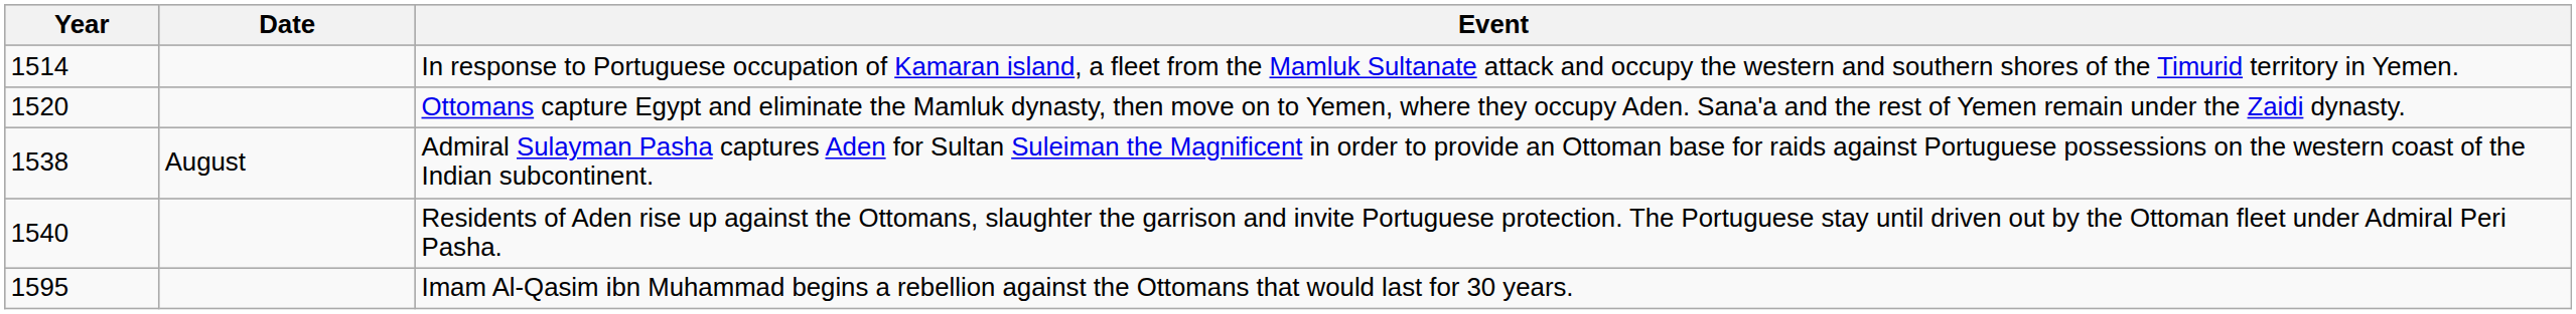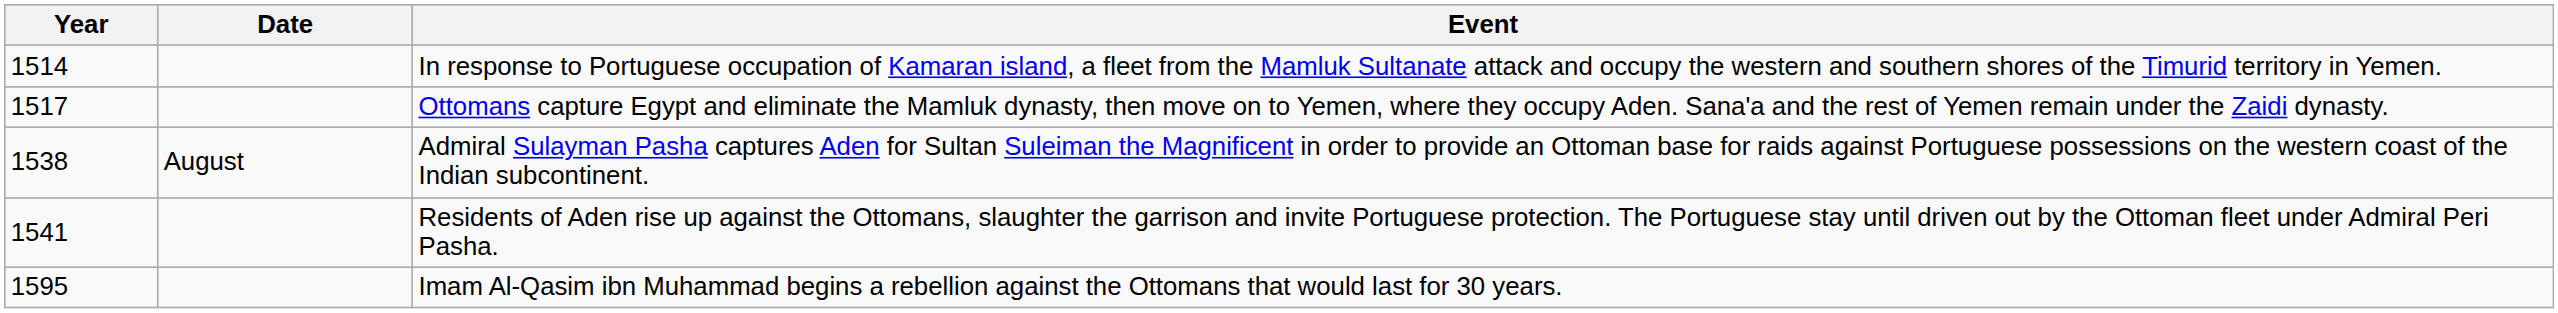 <table class="wikitable" width="100%">
 <tr>
 <th style="width:6%">Year</th>
 <th style="width:10%">Date</th>
 <th>Event</th>
 </tr>
 <tr>
 <td>1514</td>
 <td></td>
 <td>In response to Portuguese occupation of <a href='#'>Kamaran island</a>, a fleet from the <a href='#'>Mamluk Sultanate</a> attack and occupy the western and southern shores of the <a href='#'>Timurid</a> territory in Yemen.</td>
 </tr>
 <tr>
-<td>1520</td>
+<td>1517</td>
 <td></td>
 <td><a href='#'>Ottomans</a> capture Egypt and eliminate the Mamluk dynasty, then move on to Yemen, where they occupy Aden.  Sana'a and the rest of Yemen remain under the <a href='#'>Zaidi</a> dynasty.</td>
 </tr>
 <tr>
 <td>1538</td>
 <td>August</td>
 <td>Admiral <a href='#'>Sulayman Pasha</a> captures <a href='#'>Aden</a> for Sultan <a href='#'>Suleiman the Magnificent</a> in order to provide an Ottoman base for raids against Portuguese possessions on the western coast of the Indian subcontinent.</td>
 </tr>
 <tr>
-<td>1540</td>
+<td>1541</td>
 <td></td>
 <td>Residents of Aden rise up against the Ottomans, slaughter the garrison and invite Portuguese protection. The Portuguese stay until driven out by the Ottoman fleet under Admiral Peri Pasha.</td>
 </tr>
 <tr>
 <td>1595</td>
 <td></td>
 <td>Imam Al-Qasim ibn Muhammad begins a rebellion against the Ottomans that would last for 30 years.</td>
 </tr>
 </table>
